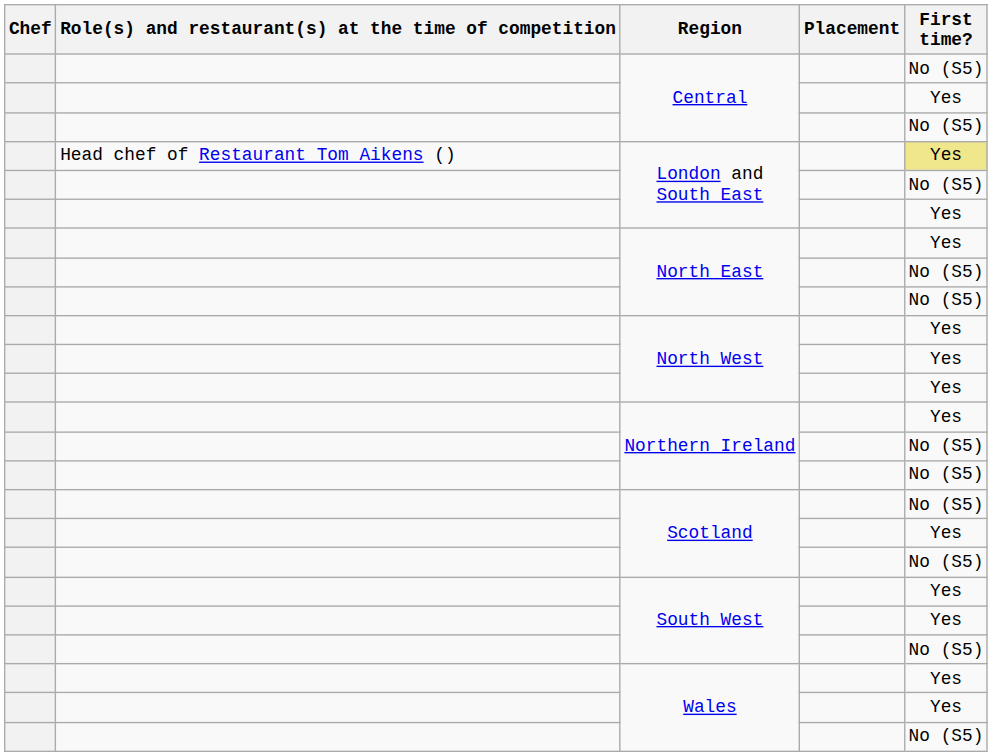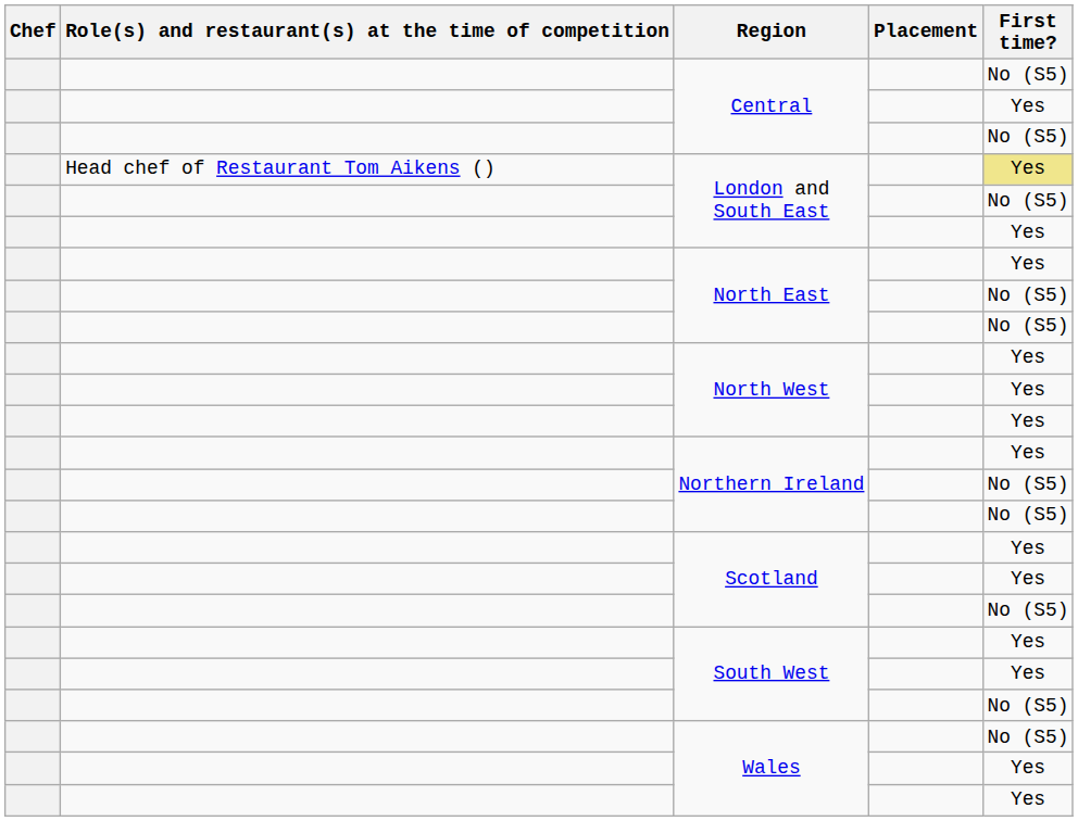 <table class="wikitable sortable" style="text-align:center">
 <tr>
 <th scope="col">Chef</th>
 <th scope="col" class="unsortable">Role(s) and restaurant(s) at the time of competition</th>
 <th scope="col">Region</th>
 <th scope="col">Placement</th>
 <th scope="col">First<br>time?</th>
 </tr>
 <tr>
 <th scope="row"></th>
 <td align="left"></td>
 <td rowspan="3"><a href='#'>Central</a></td>
 <td></td>
 <td>No (S5)</td>
 </tr>
 <tr>
 <th scope="row"></th>
 <td align="left"></td>
 <td></td>
 <td>Yes</td>
 </tr>
 <tr>
 <th scope="row"></th>
 <td align="left"></td>
 <td></td>
 <td>No (S5)</td>
 </tr>
 <tr>
 <th scope="row"></th>
 <td align="left">Head chef of <a href='#'>Restaurant Tom Aikens</a> ()</td>
 <td rowspan="3"><a href='#'>London</a> and<br><a href='#'>South East</a></td>
 <td></td>
 <td style="background: khaki;">Yes</td>
 </tr>
 <tr>
 <th scope="row"></th>
 <td align="left"></td>
 <td></td>
 <td>No (S5)</td>
 </tr>
 <tr>
 <th scope="row"></th>
 <td align="left"></td>
 <td></td>
 <td>Yes</td>
 </tr>
 <tr>
 <th scope="row"></th>
 <td align="left"></td>
 <td rowspan="3"><a href='#'>North East</a></td>
 <td></td>
 <td>Yes</td>
 </tr>
 <tr>
 <th scope="row"></th>
 <td align="left"></td>
 <td></td>
 <td>No (S5)</td>
 </tr>
 <tr>
 <th scope="row"></th>
 <td align="left"></td>
 <td></td>
 <td>No (S5)</td>
 </tr>
 <tr>
 <th scope="row"></th>
 <td align="left"></td>
 <td rowspan="3"><a href='#'>North West</a></td>
 <td></td>
 <td>Yes</td>
 </tr>
 <tr>
 <th scope="row"></th>
 <td align="left"></td>
 <td></td>
 <td>Yes</td>
 </tr>
 <tr>
 <th scope="row"></th>
 <td align="left"></td>
 <td></td>
 <td>Yes</td>
 </tr>
 <tr>
 <th scope="row"></th>
 <td align="left"></td>
 <td rowspan="3"><a href='#'>Northern Ireland</a></td>
 <td></td>
 <td>Yes</td>
 </tr>
 <tr>
 <th scope="row"></th>
 <td align="left"></td>
 <td></td>
 <td>No (S5)</td>
 </tr>
 <tr>
 <th scope="row"></th>
 <td align="left"></td>
 <td></td>
 <td>No (S5)</td>
 </tr>
 <tr>
 <th scope="row"></th>
 <td align="left"></td>
 <td rowspan="3"><a href='#'>Scotland</a></td>
 <td></td>
-<td>No (S5)</td>
+<td>Yes</td>
 </tr>
 <tr>
 <th scope="row"></th>
 <td align="left"></td>
 <td></td>
 <td>Yes</td>
 </tr>
 <tr>
 <th scope="row"></th>
 <td align="left"></td>
 <td></td>
 <td>No (S5)</td>
 </tr>
 <tr>
 <th scope="row"></th>
 <td align="left"></td>
 <td rowspan="3"><a href='#'>South West</a></td>
 <td></td>
 <td>Yes</td>
 </tr>
 <tr>
 <th scope="row"></th>
 <td align="left"></td>
 <td></td>
 <td>Yes</td>
 </tr>
 <tr>
 <th scope="row"></th>
 <td align="left"></td>
 <td></td>
 <td>No (S5)</td>
 </tr>
 <tr>
 <th scope="row"></th>
 <td align="left"></td>
 <td rowspan="3"><a href='#'>Wales</a></td>
 <td></td>
-<td>Yes</td>
+<td>No (S5)</td>
 </tr>
 <tr>
 <th scope="row"></th>
 <td align="left"></td>
 <td></td>
 <td>Yes</td>
 </tr>
 <tr>
 <th scope="row"></th>
 <td align="left"></td>
 <td></td>
-<td>No (S5)</td>
+<td>Yes</td>
 </tr>
 </table>
